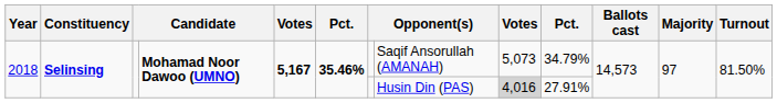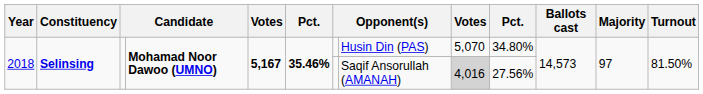 <table class="wikitable" style="margin:0.5em ; font-size:95%">
 <tr>
 <th>Year</th>
 <th>Constituency</th>
 <th colspan="2">Candidate</th>
 <th>Votes</th>
 <th>Pct.</th>
 <th colspan="2">Opponent(s)</th>
 <th>Votes</th>
 <th>Pct.</th>
 <th>Ballots cast</th>
 <th>Majority</th>
 <th>Turnout</th>
 </tr>
 <tr>
 <td rowspan="2"><a href='#'>2018</a></td>
 <td rowspan="2"><a href='#'><strong>Selinsing</strong></a></td>
 <td rowspan="2" ></td>
 <td rowspan="2"><strong>Mohamad Noor Dawoo (<a href='#'>UMNO</a>)</strong></td>
 <td rowspan="2"><strong>5,167</strong></td>
 <td rowspan="2"><strong>35.46%</strong></td>
 <td></td>
-<td>Saqif Ansorullah (<a href='#'>AMANAH</a>)</td>
-<td>5,073</td>
-<td>34.79%</td>
+<td><a href='#'>Husin Din</a> (<a href='#'>PAS</a>)</td>
+<td>5,070</td>
+<td>34.80%</td>
 <td rowspan="2">14,573</td>
 <td rowspan="2">97</td>
 <td rowspan="2">81.50%</td>
 </tr>
 <tr>
 <td></td>
-<td><a href='#'>Husin Din</a> (<a href='#'>PAS</a>)</td>
+<td>Saqif Ansorullah (<a href='#'>AMANAH</a>)</td>
 <td style="background: lightgrey;">4,016</td>
-<td>27.91%</td>
+<td>27.56%</td>
 </tr>
 </table>
